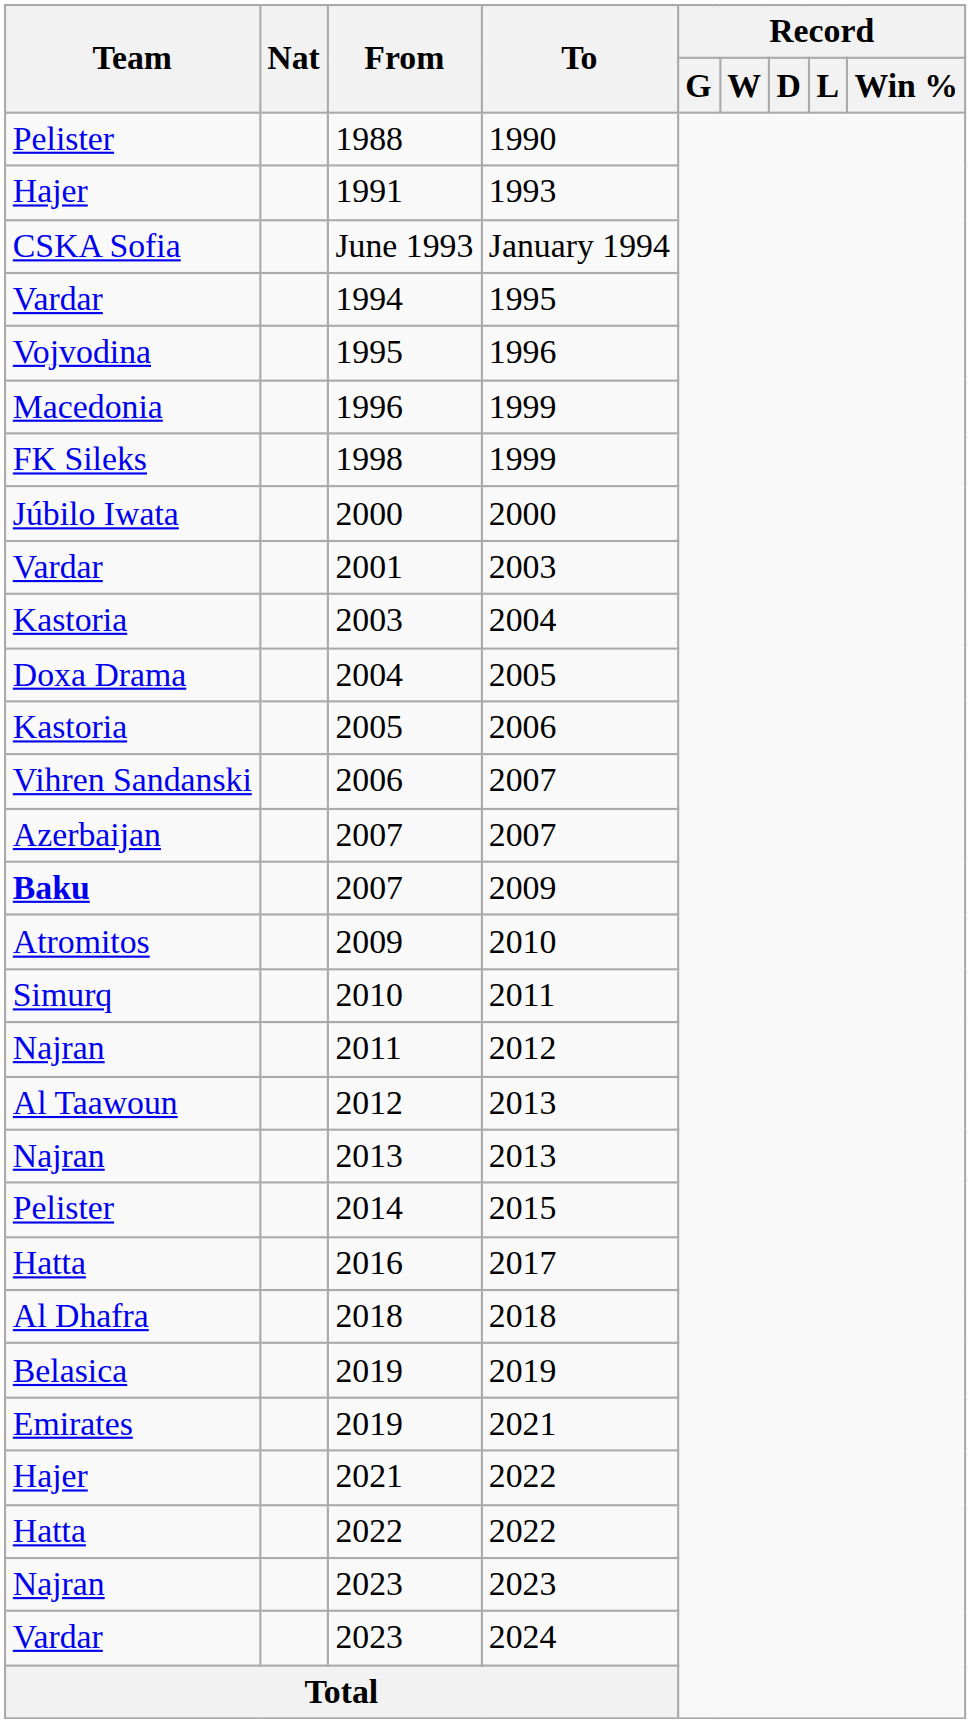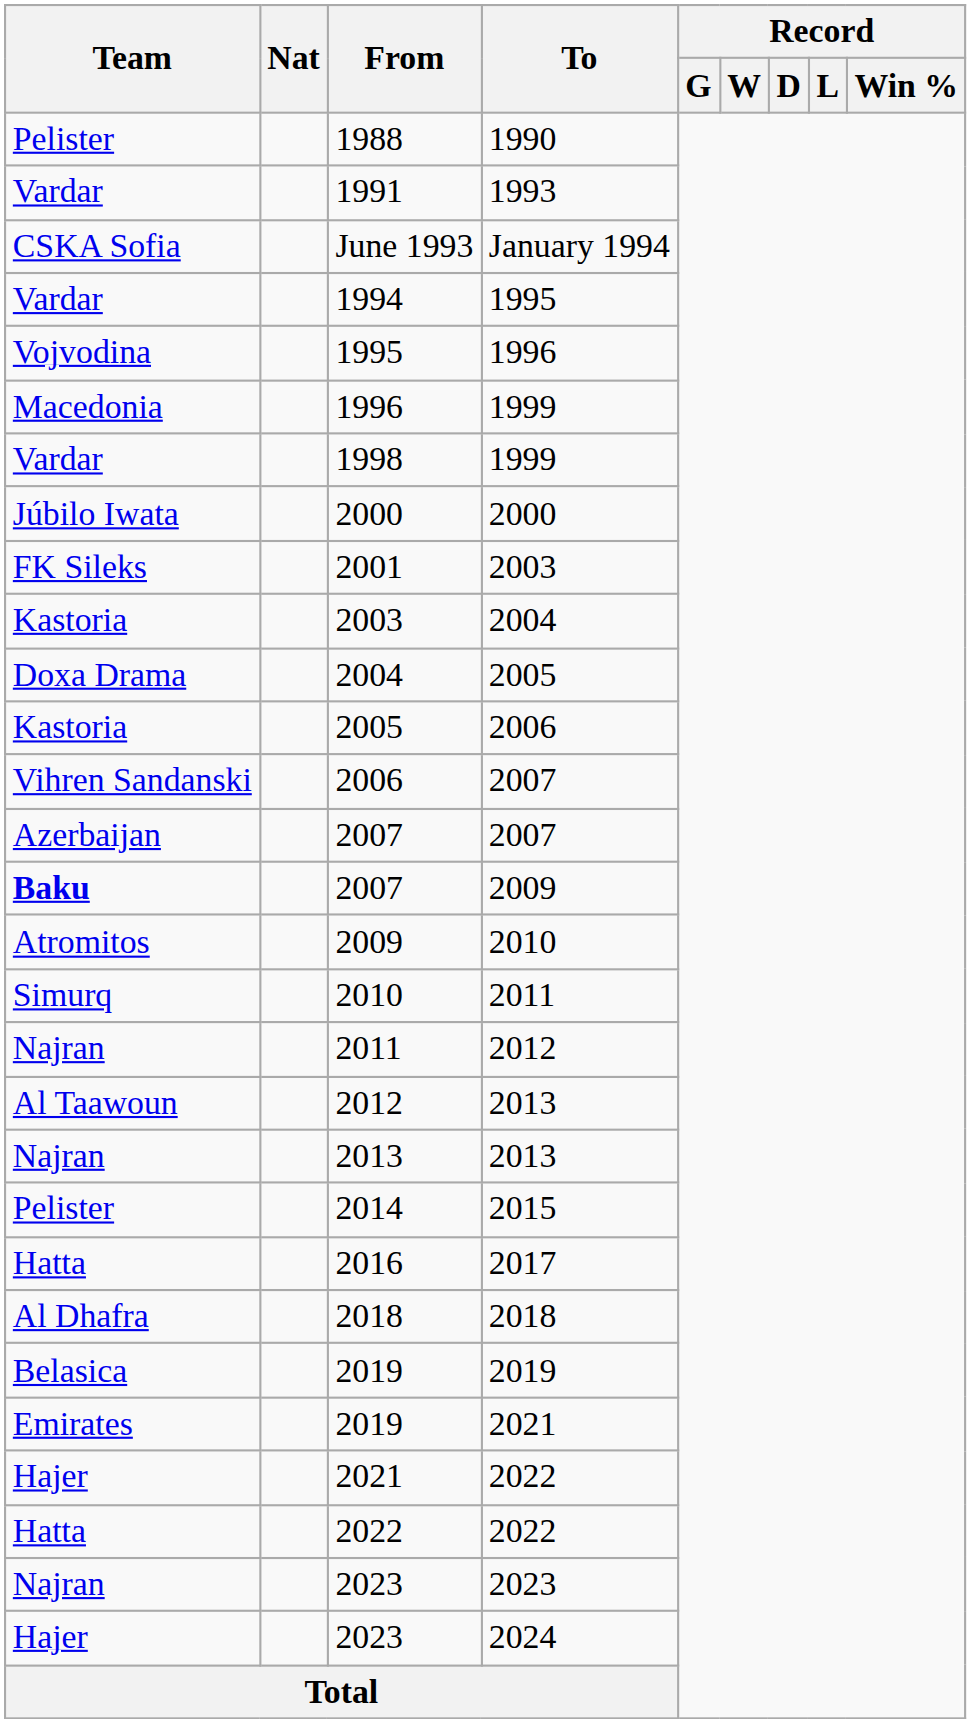 <table class="wikitable" style="text-align: center">
 <tr>
 <th rowspan="2">Team</th>
 <th rowspan="2">Nat</th>
 <th rowspan="2">From</th>
 <th rowspan="2">To</th>
 <th colspan="6">Record</th>
 </tr>
 <tr>
 <th>G</th>
 <th>W</th>
 <th>D</th>
 <th>L</th>
 <th>Win %</th>
 </tr>
 <tr>
 <td align=left><a href='#'>Pelister</a></td>
 <td></td>
 <td align=left>1988</td>
 <td align=left>1990<br></td>
 </tr>
 <tr>
-<td align=left><a href='#'>Hajer</a></td>
+<td align=left><a href='#'>Vardar</a></td>
 <td></td>
 <td align=left>1991</td>
 <td align=left>1993<br></td>
 </tr>
 <tr>
 <td align=left><a href='#'>CSKA Sofia</a></td>
 <td></td>
 <td align=left>June 1993</td>
 <td align=left>January 1994<br></td>
 </tr>
 <tr>
 <td align=left><a href='#'>Vardar</a></td>
 <td></td>
 <td align=left>1994</td>
 <td align=left>1995<br></td>
 </tr>
 <tr>
 <td align=left><a href='#'>Vojvodina</a></td>
 <td></td>
 <td align=left>1995</td>
 <td align=left>1996<br></td>
 </tr>
 <tr>
 <td align=left><a href='#'>Macedonia</a></td>
 <td></td>
 <td align=left>1996</td>
 <td align=left>1999<br></td>
 </tr>
 <tr>
-<td align=left><a href='#'>FK Sileks</a></td>
+<td align=left><a href='#'>Vardar</a></td>
 <td></td>
 <td align=left>1998</td>
 <td align=left>1999<br></td>
 </tr>
 <tr>
 <td align=left><a href='#'>Júbilo Iwata</a></td>
 <td></td>
 <td align=left>2000</td>
 <td align=left>2000<br></td>
 </tr>
 <tr>
-<td align=left><a href='#'>Vardar</a></td>
+<td align=left><a href='#'>FK Sileks</a></td>
 <td></td>
 <td align=left>2001</td>
 <td align=left>2003<br></td>
 </tr>
 <tr>
 <td align=left><a href='#'>Kastoria</a></td>
 <td></td>
 <td align=left>2003</td>
 <td align=left>2004<br></td>
 </tr>
 <tr>
 <td align=left><a href='#'>Doxa Drama</a></td>
 <td></td>
 <td align=left>2004</td>
 <td align=left>2005<br></td>
 </tr>
 <tr>
 <td align=left><a href='#'>Kastoria</a></td>
 <td></td>
 <td align=left>2005</td>
 <td align=left>2006<br></td>
 </tr>
 <tr>
 <td align=left><a href='#'>Vihren Sandanski</a></td>
 <td></td>
 <td align=left>2006</td>
 <td align=left>2007<br></td>
 </tr>
 <tr>
 <td align=left><a href='#'>Azerbaijan</a></td>
 <td></td>
 <td align=left>2007</td>
 <td align=left>2007<br></td>
 </tr>
 <tr>
 <td align=left><strong><a href='#'>Baku</a></strong></td>
 <td></td>
 <td align=left>2007</td>
 <td align=left>2009<br></td>
 </tr>
 <tr>
 <td align=left><a href='#'>Atromitos</a></td>
 <td></td>
 <td align=left>2009</td>
 <td align=left>2010<br></td>
 </tr>
 <tr>
 <td align=left><a href='#'>Simurq</a></td>
 <td></td>
 <td align=left>2010</td>
 <td align=left>2011<br></td>
 </tr>
 <tr>
 <td align=left><a href='#'>Najran</a></td>
 <td></td>
 <td align=left>2011</td>
 <td align=left>2012<br></td>
 </tr>
 <tr>
 <td align=left><a href='#'>Al Taawoun</a></td>
 <td></td>
 <td align=left>2012</td>
 <td align=left>2013<br></td>
 </tr>
 <tr>
 <td align=left><a href='#'>Najran</a></td>
 <td></td>
 <td align=left>2013</td>
 <td align=left>2013<br></td>
 </tr>
 <tr>
 <td align=left><a href='#'>Pelister</a></td>
 <td></td>
 <td align=left>2014</td>
 <td align=left>2015<br></td>
 </tr>
 <tr>
 <td align=left><a href='#'>Hatta</a></td>
 <td></td>
 <td align=left>2016</td>
 <td align=left>2017<br></td>
 </tr>
 <tr>
 <td align=left><a href='#'>Al Dhafra</a></td>
 <td></td>
 <td align=left>2018</td>
 <td align=left>2018<br></td>
 </tr>
 <tr>
 <td align=left><a href='#'>Belasica</a></td>
 <td></td>
 <td align=left>2019</td>
 <td align=left>2019<br></td>
 </tr>
 <tr>
 <td align=left><a href='#'>Emirates</a></td>
 <td></td>
 <td align=left>2019</td>
 <td align=left>2021<br></td>
 </tr>
 <tr>
 <td align=left><a href='#'>Hajer</a></td>
 <td></td>
 <td align=left>2021</td>
 <td align=left>2022<br></td>
 </tr>
 <tr>
 <td align=left><a href='#'>Hatta</a></td>
 <td></td>
 <td align=left>2022</td>
 <td align=left>2022<br></td>
 </tr>
 <tr>
 <td align=left><a href='#'>Najran</a></td>
 <td></td>
 <td align=left>2023</td>
 <td align=left>2023<br></td>
 </tr>
 <tr>
-<td align=left><a href='#'>Vardar</a></td>
+<td align=left><a href='#'>Hajer</a></td>
 <td></td>
 <td align=left>2023</td>
 <td align=left>2024<br></td>
 </tr>
 <tr>
 <th colspan="4">Total<br></th>
 </tr>
 </table>
